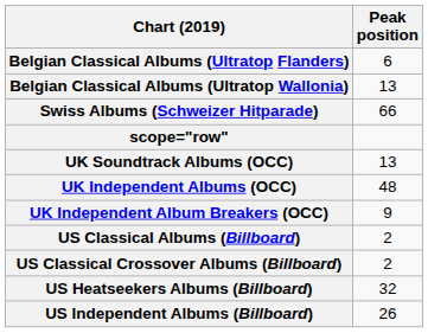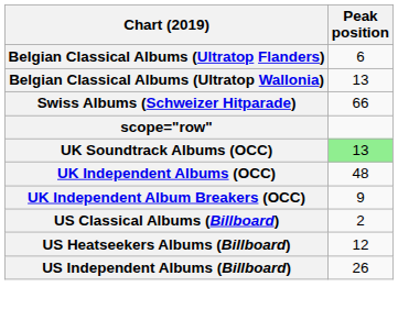 <table class="wikitable sortable plainrowheaders" style="text-align:center">
 <tr>
 <th scope="col">Chart (2019)</th>
 <th scope="col">Peak<br> position</th>
 </tr>
 <tr>
 <th scope="row">Belgian Classical Albums (<a href='#'>Ultratop</a> <a href='#'>Flanders</a>)</th>
 <td>6</td>
 </tr>
 <tr>
 <th scope="row">Belgian Classical Albums (Ultratop <a href='#'>Wallonia</a>)</th>
 <td>13</td>
 </tr>
 <tr>
 <th scope="row">Swiss Albums (<a href='#'>Schweizer Hitparade</a>)</th>
 <td>66</td>
 </tr>
 <tr>
 <th>scope="row" </th>
 </tr>
 <tr>
 <th scope="row">UK Soundtrack Albums (OCC)</th>
-<td>13</td>
+<td style="background: lightgreen;">13</td>
 </tr>
 <tr>
 <th scope="row"><a href='#'>UK Independent Albums</a> (OCC)</th>
 <td>48</td>
 </tr>
 <tr>
 <th scope="row"><a href='#'>UK Independent Album Breakers</a> (OCC)</th>
 <td>9</td>
 </tr>
 <tr>
 <th scope="row">US Classical Albums (<em><a href='#'>Billboard</a></em>)</th>
 <td>2</td>
 </tr>
 <tr>
-<th scope="row">US Classical Crossover Albums (<em>Billboard</em>)</th>
-<td>2</td>
-</tr>
-<tr>
 <th scope="row">US Heatseekers Albums (<em>Billboard</em>)</th>
-<td>32</td>
+<td>12</td>
 </tr>
 <tr>
 <th scope="row">US Independent Albums (<em>Billboard</em>)</th>
 <td>26</td>
 </tr>
 </table>
